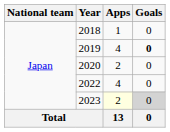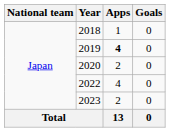 <table class="wikitable" style="text-align:center">
 <tr>
 <th>National team</th>
 <th>Year</th>
 <th>Apps</th>
 <th>Goals</th>
 </tr>
 <tr>
 <td rowspan="5"><a href='#'>Japan</a></td>
 <td>2018</td>
 <td>1</td>
 <td>0</td>
 </tr>
 <tr>
 <td>2019</td>
-<td>4</td>
-<td><strong>0</strong></td>
+<td><strong>4</strong></td>
+<td>0</td>
 </tr>
 <tr>
 <td>2020</td>
 <td>2</td>
 <td>0</td>
 </tr>
 <tr>
 <td>2022</td>
 <td>4</td>
 <td>0</td>
 </tr>
 <tr>
 <td>2023</td>
-<td style="background: lightyellow;">2</td>
-<td style="background: lightgrey;">0</td>
+<td>2</td>
+<td>0</td>
 </tr>
 <tr>
 <th colspan="2">Total</th>
 <th>13</th>
 <th>0</th>
 </tr>
 </table>
